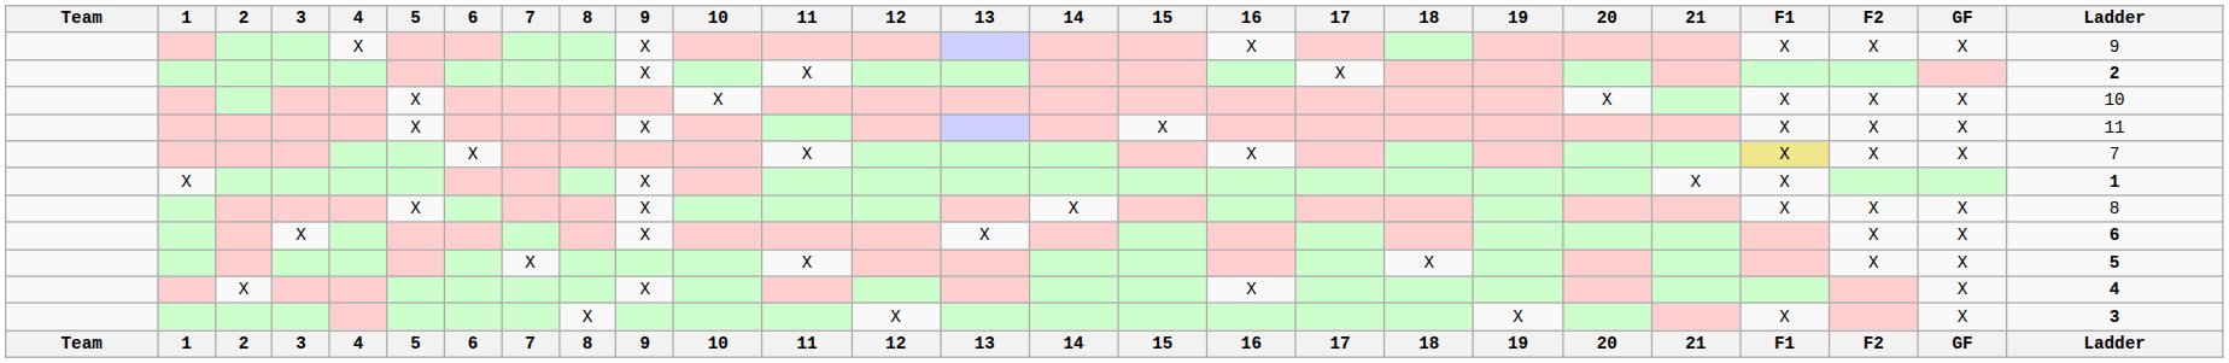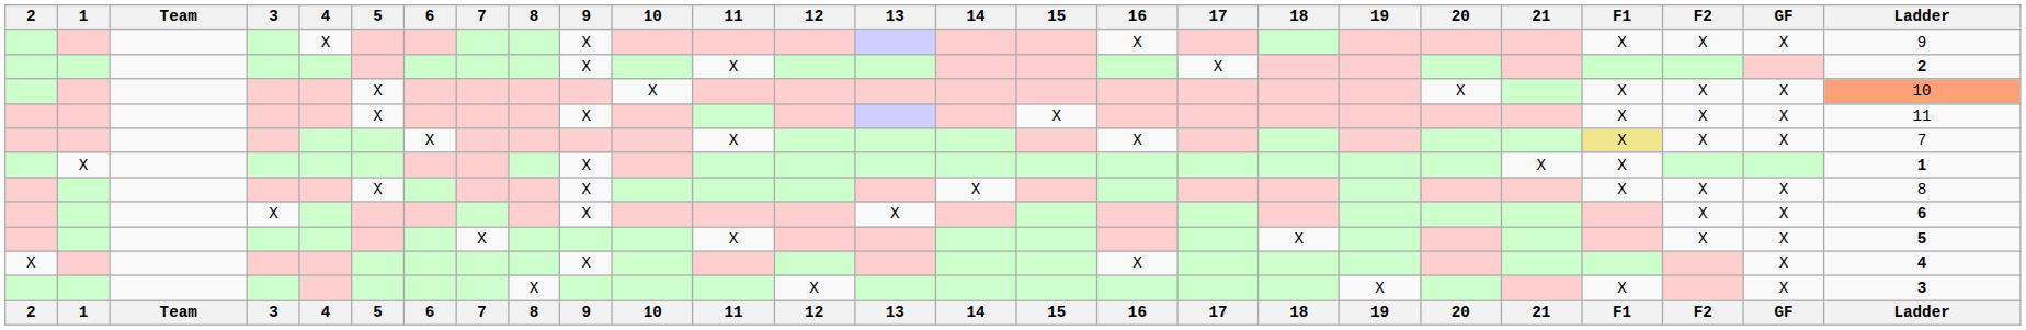 <table class="wikitable sortable" style="font-size:85%; text-align:center; width:90%">
 <tr valign="top">
+<th>2</th>
+<th>1</th>
 <th valign="middle">Team</th>
-<th>1</th>
-<th>2</th>
 <th>3</th>
 <th>4</th>
 <th>5</th>
 <th>6</th>
 <th>7</th>
 <th>8</th>
 <th>9</th>
 <th>10</th>
 <th>11</th>
 <th>12</th>
 <th>13</th>
 <th>14</th>
 <th>15</th>
 <th>16</th>
 <th>17</th>
 <th>18</th>
 <th>19</th>
 <th>20</th>
 <th>21</th>
 <th>F1</th>
 <th>F2</th>
 <th>GF</th>
 <th valign="middle">Ladder</th>
 </tr>
 <tr>
+<td style="background:#cfc;"></td>
+<td style="background:#FFCFCF;"></td>
 <td align="left"></td>
-<td style="background:#FFCFCF;"></td>
-<td style="background:#cfc;"></td>
 <td style="background:#cfc;"></td>
 <td>X</td>
 <td style="background:#FFCFCF;"></td>
 <td style="background:#FFCFCF;"></td>
 <td style="background:#cfc;"></td>
 <td style="background:#cfc;"></td>
 <td>X</td>
 <td style="background:#FFCFCF;"></td>
 <td style="background:#FFCFCF;"></td>
 <td style="background:#FFCFCF;"></td>
 <td style="background:#CFCFFF;"></td>
 <td style="background:#FFCFCF;"></td>
 <td style="background:#FFCFCF;"></td>
 <td>X</td>
 <td style="background:#FFCFCF;"></td>
 <td style="background:#cfc;"></td>
 <td style="background:#FFCFCF;"></td>
 <td style="background:#FFCFCF;"></td>
 <td style="background:#FFCFCF;"></td>
 <td>X</td>
 <td>X</td>
 <td>X</td>
 <td style="text-align:center;">9</td>
 </tr>
 <tr>
-<td align="left"></td>
 <td style="background:#cfc;"></td>
 <td style="background:#cfc;"></td>
+<td align="left"></td>
 <td style="background:#cfc;"></td>
 <td style="background:#cfc;"></td>
 <td style="background:#FFCFCF;"></td>
 <td style="background:#cfc;"></td>
 <td style="background:#cfc;"></td>
 <td style="background:#cfc;"></td>
 <td>X</td>
 <td style="background:#cfc;"></td>
 <td>X</td>
 <td style="background:#cfc;"></td>
 <td style="background:#cfc;"></td>
 <td style="background:#FFCFCF;"></td>
 <td style="background:#FFCFCF;"></td>
 <td style="background:#cfc;"></td>
 <td>X</td>
 <td style="background:#FFCFCF;"></td>
 <td style="background:#FFCFCF;"></td>
 <td style="background:#cfc;"></td>
 <td style="background:#FFCFCF;"></td>
 <td style="background:#cfc;"></td>
 <td style="background:#cfc;"></td>
 <td style="background:#FFCFCF;"></td>
 <td style="text-align:center;"><strong>2</strong></td>
 </tr>
 <tr>
+<td style="background:#cfc;"></td>
+<td style="background:#FFCFCF;"></td>
 <td align="left"></td>
-<td style="background:#FFCFCF;"></td>
-<td style="background:#cfc;"></td>
 <td style="background:#FFCFCF;"></td>
 <td style="background:#FFCFCF;"></td>
 <td>X</td>
 <td style="background:#FFCFCF;"></td>
 <td style="background:#FFCFCF;"></td>
 <td style="background:#FFCFCF;"></td>
 <td style="background:#FFCFCF;"></td>
 <td>X</td>
 <td style="background:#FFCFCF;"></td>
 <td style="background:#FFCFCF;"></td>
 <td style="background:#FFCFCF;"></td>
 <td style="background:#FFCFCF;"></td>
 <td style="background:#FFCFCF;"></td>
 <td style="background:#FFCFCF;"></td>
 <td style="background:#FFCFCF;"></td>
 <td style="background:#FFCFCF;"></td>
 <td style="background:#FFCFCF;"></td>
 <td>X</td>
 <td style="background:#cfc;"></td>
 <td>X</td>
 <td>X</td>
 <td>X</td>
-<td style="text-align:center;">10</td>
+<td style="background: lightsalmon; text-align:center;">10</td>
 </tr>
 <tr>
-<td align="left"></td>
 <td style="background:#FFCFCF;"></td>
 <td style="background:#FFCFCF;"></td>
+<td align="left"></td>
 <td style="background:#FFCFCF;"></td>
 <td style="background:#FFCFCF;"></td>
 <td>X</td>
 <td style="background:#FFCFCF;"></td>
 <td style="background:#FFCFCF;"></td>
 <td style="background:#FFCFCF;"></td>
 <td>X</td>
 <td style="background:#FFCFCF;"></td>
 <td style="background:#cfc;"></td>
 <td style="background:#FFCFCF;"></td>
 <td style="background:#CFCFFF;"></td>
 <td style="background:#FFCFCF;"></td>
 <td>X</td>
 <td style="background:#FFCFCF;"></td>
 <td style="background:#FFCFCF;"></td>
 <td style="background:#FFCFCF;"></td>
 <td style="background:#FFCFCF;"></td>
 <td style="background:#FFCFCF;"></td>
 <td style="background:#FFCFCF;"></td>
 <td>X</td>
 <td>X</td>
 <td>X</td>
 <td style="text-align:center;">11</td>
 </tr>
 <tr>
-<td align="left"></td>
 <td style="background:#FFCFCF;"></td>
 <td style="background:#FFCFCF;"></td>
+<td align="left"></td>
 <td style="background:#FFCFCF;"></td>
 <td style="background:#cfc;"></td>
 <td style="background:#cfc;"></td>
 <td>X</td>
 <td style="background:#FFCFCF;"></td>
 <td style="background:#FFCFCF;"></td>
 <td style="background:#FFCFCF;"></td>
 <td style="background:#FFCFCF;"></td>
 <td>X</td>
 <td style="background:#cfc;"></td>
 <td style="background:#cfc;"></td>
 <td style="background:#cfc;"></td>
 <td style="background:#FFCFCF;"></td>
 <td>X</td>
 <td style="background:#FFCFCF;"></td>
 <td style="background:#cfc;"></td>
 <td style="background:#FFCFCF;"></td>
 <td style="background:#cfc;"></td>
 <td style="background:#cfc;"></td>
 <td style="background: khaki;">X</td>
 <td>X</td>
 <td>X</td>
 <td style="text-align:center;">7</td>
 </tr>
 <tr>
+<td style="background:#cfc;"></td>
+<td>X</td>
 <td align="left"></td>
-<td>X</td>
-<td style="background:#cfc;"></td>
 <td style="background:#cfc;"></td>
 <td style="background:#cfc;"></td>
 <td style="background:#cfc;"></td>
 <td style="background:#FFCFCF;"></td>
 <td style="background:#FFCFCF;"></td>
 <td style="background:#cfc;"></td>
 <td>X</td>
 <td style="background:#FFCFCF;"></td>
 <td style="background:#cfc;"></td>
 <td style="background:#cfc;"></td>
 <td style="background:#cfc;"></td>
 <td style="background:#cfc;"></td>
 <td style="background:#cfc;"></td>
 <td style="background:#cfc;"></td>
 <td style="background:#cfc;"></td>
 <td style="background:#cfc;"></td>
 <td style="background:#cfc;"></td>
 <td style="background:#cfc;"></td>
 <td>X</td>
 <td>X</td>
 <td style="background:#cfc;"></td>
 <td style="background:#cfc;"></td>
 <td style="text-align:center;"><strong>1</strong></td>
 </tr>
 <tr>
+<td style="background:#FFCFCF;"></td>
+<td style="background:#cfc;"></td>
 <td align="left"></td>
-<td style="background:#cfc;"></td>
-<td style="background:#FFCFCF;"></td>
 <td style="background:#FFCFCF;"></td>
 <td style="background:#FFCFCF;"></td>
 <td>X</td>
 <td style="background:#cfc;"></td>
 <td style="background:#FFCFCF;"></td>
 <td style="background:#FFCFCF;"></td>
 <td>X</td>
 <td style="background:#cfc;"></td>
 <td style="background:#cfc;"></td>
 <td style="background:#cfc;"></td>
 <td style="background:#FFCFCF;"></td>
 <td>X</td>
 <td style="background:#FFCFCF;"></td>
 <td style="background:#cfc;"></td>
 <td style="background:#FFCFCF;"></td>
 <td style="background:#FFCFCF;"></td>
 <td style="background:#cfc;"></td>
 <td style="background:#FFCFCF;"></td>
 <td style="background:#FFCFCF;"></td>
 <td>X</td>
 <td>X</td>
 <td>X</td>
 <td style="text-align:center;">8</td>
 </tr>
 <tr>
+<td style="background:#FFCFCF;"></td>
+<td style="background:#cfc;"></td>
 <td align="left"></td>
-<td style="background:#cfc;"></td>
-<td style="background:#FFCFCF;"></td>
 <td>X</td>
 <td style="background:#cfc;"></td>
 <td style="background:#FFCFCF;"></td>
 <td style="background:#FFCFCF;"></td>
 <td style="background:#cfc;"></td>
 <td style="background:#FFCFCF;"></td>
 <td>X</td>
 <td style="background:#FFCFCF;"></td>
 <td style="background:#FFCFCF;"></td>
 <td style="background:#FFCFCF;"></td>
 <td>X</td>
 <td style="background:#FFCFCF;"></td>
 <td style="background:#cfc;"></td>
 <td style="background:#FFCFCF;"></td>
 <td style="background:#cfc;"></td>
 <td style="background:#FFCFCF;"></td>
 <td style="background:#cfc;"></td>
 <td style="background:#cfc;"></td>
 <td style="background:#cfc;"></td>
 <td style="background:#FFCFCF;"></td>
 <td>X</td>
 <td>X</td>
 <td style="text-align:center;"><strong>6</strong></td>
 </tr>
 <tr>
+<td style="background:#FFCFCF;"></td>
+<td style="background:#cfc;"></td>
 <td align="left"></td>
-<td style="background:#cfc;"></td>
-<td style="background:#FFCFCF;"></td>
 <td style="background:#cfc;"></td>
 <td style="background:#cfc;"></td>
 <td style="background:#FFCFCF;"></td>
 <td style="background:#cfc;"></td>
 <td>X</td>
 <td style="background:#cfc;"></td>
 <td style="background:#cfc;"></td>
 <td style="background:#cfc;"></td>
 <td>X</td>
 <td style="background:#FFCFCF;"></td>
 <td style="background:#FFCFCF;"></td>
 <td style="background:#cfc;"></td>
 <td style="background:#cfc;"></td>
 <td style="background:#FFCFCF;"></td>
 <td style="background:#cfc;"></td>
 <td>X</td>
 <td style="background:#cfc;"></td>
 <td style="background:#FFCFCF;"></td>
 <td style="background:#cfc;"></td>
 <td style="background:#FFCFCF;"></td>
 <td>X</td>
 <td>X</td>
 <td style="text-align:center;"><strong>5</strong></td>
 </tr>
 <tr>
+<td>X</td>
+<td style="background:#FFCFCF;"></td>
 <td align="left"></td>
-<td style="background:#FFCFCF;"></td>
-<td>X</td>
 <td style="background:#FFCFCF;"></td>
 <td style="background:#FFCFCF;"></td>
 <td style="background:#cfc;"></td>
 <td style="background:#cfc;"></td>
 <td style="background:#cfc;"></td>
 <td style="background:#cfc;"></td>
 <td>X</td>
 <td style="background:#cfc;"></td>
 <td style="background:#FFCFCF;"></td>
 <td style="background:#cfc;"></td>
 <td style="background:#FFCFCF;"></td>
 <td style="background:#cfc;"></td>
 <td style="background:#cfc;"></td>
 <td>X</td>
 <td style="background:#cfc;"></td>
 <td style="background:#cfc;"></td>
 <td style="background:#cfc;"></td>
 <td style="background:#FFCFCF;"></td>
 <td style="background:#cfc;"></td>
 <td style="background:#cfc;"></td>
 <td style="background:#FFCFCF;"></td>
 <td>X</td>
 <td style="text-align:center;"><strong>4</strong></td>
 </tr>
 <tr>
-<td align="left"></td>
 <td style="background:#cfc;"></td>
 <td style="background:#cfc;"></td>
+<td align="left"></td>
 <td style="background:#cfc;"></td>
 <td style="background:#FFCFCF;"></td>
 <td style="background:#cfc;"></td>
 <td style="background:#cfc;"></td>
 <td style="background:#cfc;"></td>
 <td>X</td>
 <td style="background:#cfc;"></td>
 <td style="background:#cfc;"></td>
 <td style="background:#cfc;"></td>
 <td>X</td>
 <td style="background:#cfc;"></td>
 <td style="background:#cfc;"></td>
 <td style="background:#cfc;"></td>
 <td style="background:#cfc;"></td>
 <td style="background:#cfc;"></td>
 <td style="background:#cfc;"></td>
 <td>X</td>
 <td style="background:#cfc;"></td>
 <td style="background:#FFCFCF;"></td>
 <td>X</td>
 <td style="background:#FFCFCF;"></td>
 <td>X</td>
 <td style="text-align:center;"><strong>3</strong></td>
 </tr>
 <tr valign="top">
+<th>2</th>
+<th>1</th>
 <th valign="middle">Team</th>
-<th>1</th>
-<th>2</th>
 <th>3</th>
 <th>4</th>
 <th>5</th>
 <th>6</th>
 <th>7</th>
 <th>8</th>
 <th>9</th>
 <th>10</th>
 <th>11</th>
 <th>12</th>
 <th>13</th>
 <th>14</th>
 <th>15</th>
 <th>16</th>
 <th>17</th>
 <th>18</th>
 <th>19</th>
 <th>20</th>
 <th>21</th>
 <th>F1</th>
 <th>F2</th>
 <th>GF</th>
 <th valign="middle">Ladder</th>
 </tr>
 </table>
